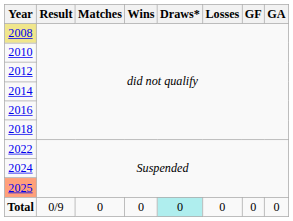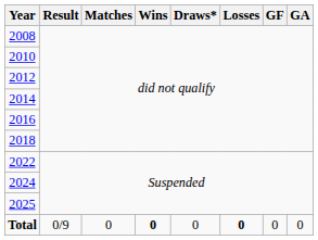 <table class="wikitable" style="text-align: center;">
 <tr>
 <th>Year</th>
 <th>Result</th>
 <th>Matches</th>
 <th>Wins</th>
 <th>Draws*</th>
 <th>Losses</th>
 <th>GF</th>
 <th>GA</th>
 </tr>
 <tr>
-<td style="background: khaki;"> <a href='#'>2008</a></td>
+<td> <a href='#'>2008</a></td>
 <td colspan=7 rowspan=6><em>did not qualify</em></td>
 </tr>
 <tr>
 <td> <a href='#'>2010</a></td>
 </tr>
 <tr>
 <td> <a href='#'>2012</a></td>
 </tr>
 <tr>
 <td> <a href='#'>2014</a></td>
 </tr>
 <tr>
 <td> <a href='#'>2016</a></td>
 </tr>
 <tr>
 <td> <a href='#'>2018</a></td>
 </tr>
 <tr>
 <td> <a href='#'>2022</a></td>
 <td colspan=7 rowspan=3><em>Suspended</em></td>
 </tr>
 <tr>
 <td> <a href='#'>2024</a></td>
 </tr>
 <tr>
-<td style="background: lightsalmon;"> <a href='#'>2025</a></td>
+<td> <a href='#'>2025</a></td>
 </tr>
 <tr>
 <td><strong>Total</strong></td>
 <td>0/9</td>
 <td>0</td>
+<td><strong>0</strong></td>
 <td>0</td>
-<td style="background: paleturquoise;">0</td>
-<td>0</td>
+<td><strong>0</strong></td>
 <td>0</td>
 <td>0</td>
 </tr>
 </table>
